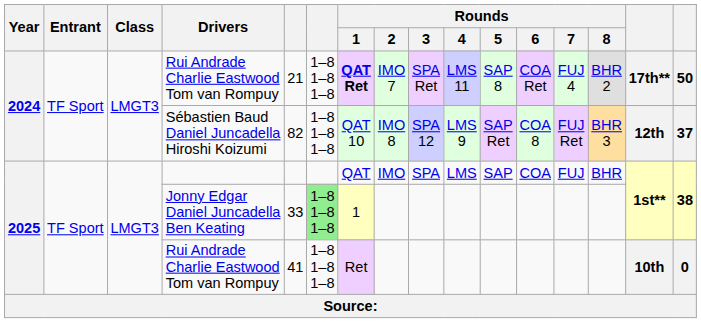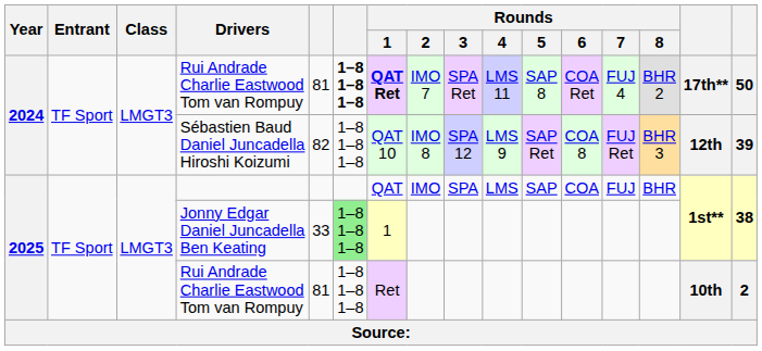 <table class="wikitable" style="text-align:center; font-size:90%">
 <tr>
 <th rowspan="2">Year</th>
 <th rowspan="2">Entrant</th>
 <th rowspan="2">Class</th>
 <th rowspan="2">Drivers</th>
 <th rowspan="2"></th>
 <th rowspan="2"></th>
 <th colspan="8">Rounds</th>
 <th rowspan="2"></th>
 <th rowspan="2"></th>
 </tr>
 <tr>
 <th>1</th>
 <th>2</th>
 <th>3</th>
 <th>4</th>
 <th>5</th>
 <th>6</th>
 <th>7</th>
 <th>8</th>
 </tr>
 <tr>
 <th rowspan="2"><a href='#'>2024</a></th>
 <td rowspan="2"  align="left" style="border-left:0px"> <a href='#'>TF Sport</a></td>
 <td rowspan="2"><a href='#'>LMGT3</a></td>
 <td align="left " style="border-left:0px"> <a href='#'>Rui Andrade</a><br> <a href='#'>Charlie Eastwood</a><br> Tom van Rompuy</td>
-<td>21</td>
-<td>1–8<br>1–8<br>1–8</td>
+<td>81</td>
+<td><strong>1–8<br>1–8<br>1–8</strong></td>
 <td style="background:#EFCFFF;"><strong><a href='#'>QAT</a><br>Ret</strong></td>
 <td style="background:#DFFFDF;"><a href='#'>IMO</a><br>7</td>
 <td style="background:#EFCFFF;"><a href='#'>SPA</a><br>Ret</td>
 <td style="background:#CFCFFF;"><a href='#'>LMS</a><br>11</td>
 <td style="background:#DFFFDF;"><a href='#'>SAP</a><br>8</td>
 <td style="background:#EFCFFF;"><a href='#'>COA</a><br>Ret</td>
 <td style="background:#DFFFDF;"><a href='#'>FUJ</a><br>4</td>
 <td style="background:#DFDFDF;”"><a href='#'>BHR</a><br>2</td>
 <th>17th**</th>
 <th>50</th>
 </tr>
 <tr>
 <td align="left " style="border-left:0px"> Sébastien Baud<br> <a href='#'>Daniel Juncadella</a><br> Hiroshi Koizumi</td>
 <td>82</td>
 <td>1–8<br>1–8<br>1–8</td>
 <td style="background:#DFFFDF;"><a href='#'>QAT</a><br>10</td>
 <td style="background:#DFFFDF;"><a href='#'>IMO</a><br>8</td>
 <td style="background:#CFCFFF;”"><a href='#'>SPA</a><br>12</td>
 <td style="background:#DFFFDF;"><a href='#'>LMS</a><br>9</td>
 <td style="background:#EFCFFF;"><a href='#'>SAP</a><br>Ret</td>
 <td style="background:#DFFFDF;"><a href='#'>COA</a><br>8</td>
 <td style="background:#EFCFFF;"><a href='#'>FUJ</a><br>Ret</td>
 <td style="background:#FFDF9F;”"><a href='#'>BHR</a><br>3</td>
 <th>12th</th>
-<th>37</th>
+<th>39</th>
 </tr>
 <tr>
 <th rowspan="3"><a href='#'>2025</a></th>
 <td rowspan="3" align="left" style="border-left:0px"> <a href='#'>TF Sport</a></td>
 <td rowspan="3"><a href='#'>LMGT3</a></td>
 <td align="left " style="border-left:0px"></td>
 <td></td>
 <td></td>
 <td><a href='#'>QAT</a></td>
 <td><a href='#'>IMO</a></td>
 <td><a href='#'>SPA</a></td>
 <td><a href='#'>LMS</a></td>
 <td><a href='#'>SAP</a></td>
 <td><a href='#'>COA</a></td>
 <td><a href='#'>FUJ</a></td>
 <td><a href='#'>BHR</a></td>
 <th rowspan="2" style="background:#FFFFBF;">1st**</th>
 <th rowspan="2" style="background:#FFFFBF;">38</th>
 </tr>
 <tr>
 <td align="left " style="border-left:0px"> <a href='#'>Jonny Edgar</a><br> <a href='#'>Daniel Juncadella</a><br> <a href='#'>Ben Keating</a></td>
 <td>33</td>
 <td style="background: lightgreen;">1–8<br>1–8<br>1–8</td>
 <td style="background:#ffffbf;”">1</td>
 <td></td>
 <td></td>
 <td></td>
 <td></td>
 <td></td>
 <td></td>
 </tr>
 <tr>
 <td align="left " style="border-left:0px"> <a href='#'>Rui Andrade</a><br> <a href='#'>Charlie Eastwood</a><br> Tom van Rompuy</td>
-<td>41</td>
+<td>81</td>
 <td>1–8<br>1–8<br>1–8</td>
 <td style="background:#EFCFFF;">Ret</td>
 <td></td>
 <td></td>
 <td></td>
 <td></td>
 <td></td>
 <td></td>
 <td></td>
 <th>10th</th>
-<th>0</th>
+<th>2</th>
 </tr>
 <tr>
 <th colspan="16">Source:</th>
 </tr>
 </table>
